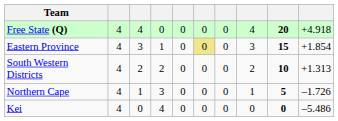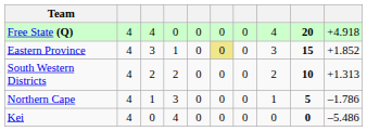 <table class="wikitable" style="text-align:center">
 <tr>
 <th width="150">Team</th>
 <th width="25"></th>
 <th width="25"></th>
 <th width="25"></th>
 <th width="25"></th>
 <th width="25"></th>
 <th width="25"></th>
 <th width="40"></th>
 <th width="40"></th>
 <th width="45"></th>
 </tr>
 <tr style="background:#cfc">
 <td style="text-align:left"><a href='#'>Free State</a> <strong>(Q)</strong></td>
 <td>4</td>
 <td>4</td>
 <td>0</td>
 <td>0</td>
 <td>0</td>
 <td>0</td>
 <td>4</td>
 <td><strong>20</strong></td>
 <td>+4.918</td>
 </tr>
 <tr>
 <td style="text-align:left"><a href='#'>Eastern Province</a></td>
 <td>4</td>
 <td>3</td>
 <td>1</td>
 <td>0</td>
 <td style="background: khaki;">0</td>
 <td>0</td>
 <td>3</td>
 <td><strong>15</strong></td>
-<td>+1.854</td>
+<td>+1.852</td>
 </tr>
 <tr>
 <td style="text-align:left"><a href='#'>South Western Districts</a></td>
 <td>4</td>
 <td>2</td>
 <td>2</td>
 <td>0</td>
 <td>0</td>
 <td>0</td>
 <td>2</td>
 <td><strong>10</strong></td>
 <td>+1.313</td>
 </tr>
 <tr>
 <td style="text-align:left"><a href='#'>Northern Cape</a></td>
 <td>4</td>
 <td>1</td>
 <td>3</td>
 <td>0</td>
 <td>0</td>
 <td>0</td>
 <td>1</td>
 <td><strong>5</strong></td>
-<td>–1.726</td>
+<td>–1.786</td>
 </tr>
 <tr>
 <td style="text-align:left"><a href='#'>Kei</a></td>
 <td>4</td>
 <td>0</td>
 <td>4</td>
 <td>0</td>
 <td>0</td>
 <td>0</td>
 <td>0</td>
 <td><strong>0</strong></td>
 <td>–5.486</td>
 </tr>
 </table>
